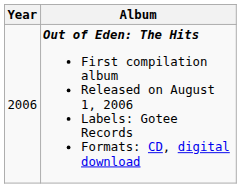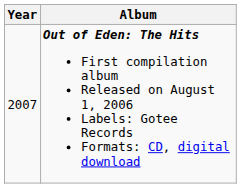 <table class="wikitable">
 <tr>
 <th>Year</th>
 <th style="width:200px;">Album</th>
 </tr>
 <tr>
-<td>2006</td>
+<td>2007</td>
 <td><strong><em>Out of Eden: The Hits</em></strong><br><ul><li>First compilation album</li><li>Released on August 1, 2006</li><li>Labels: Gotee Records</li><li>Formats: <a href='#'>CD</a>, <a href='#'>digital download</a></li></ul></td>
 </tr>
 </table>
